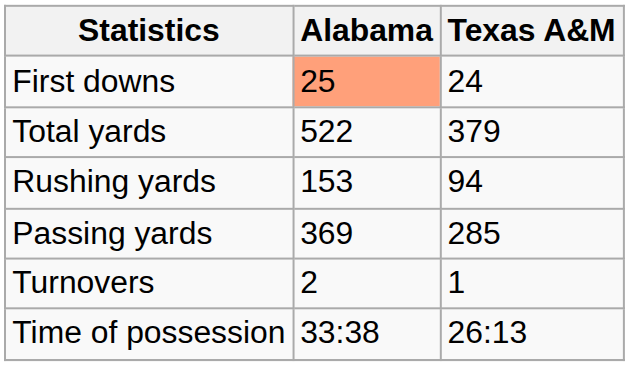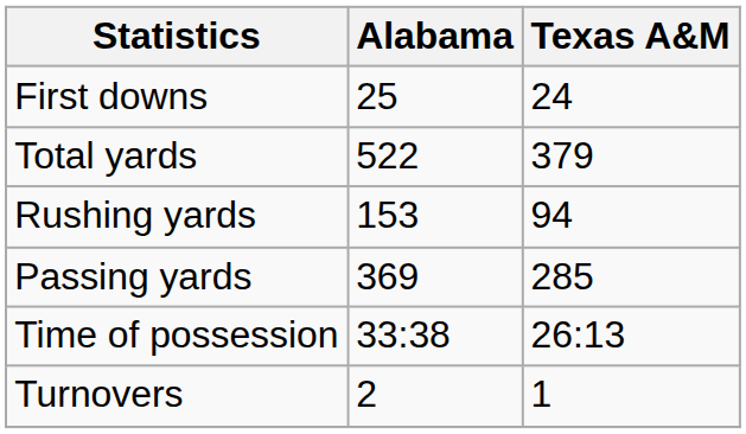 <table class="wikitable" style="float: left;">
 <tr>
 <th>Statistics</th>
 <th>Alabama</th>
 <th>Texas A&M</th>
 </tr>
 <tr>
 <td>First downs</td>
-<td style="background: lightsalmon;">25</td>
+<td>25</td>
 <td>24</td>
 </tr>
 <tr>
 <td>Total yards</td>
 <td>522</td>
 <td>379</td>
 </tr>
 <tr>
 <td>Rushing yards</td>
 <td>153</td>
 <td>94</td>
 </tr>
 <tr>
 <td>Passing yards</td>
 <td>369</td>
 <td>285</td>
 </tr>
 <tr>
+<td>Time of possession</td>
+<td>33:38</td>
+<td>26:13</td>
+</tr>
+<tr>
 <td>Turnovers</td>
 <td>2</td>
 <td>1</td>
 </tr>
 <tr>
-<td>Time of possession</td>
-<td>33:38</td>
-<td>26:13</td>
-</tr>
-<tr>
 </tr>
 </table>
